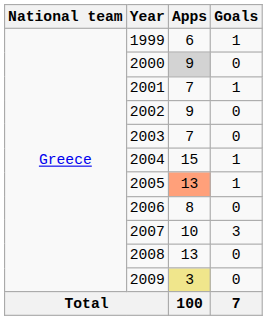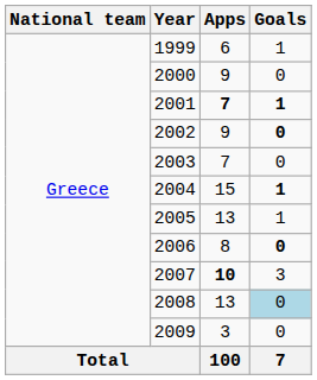 <table class="wikitable" style="text-align:center">
 <tr>
 <th>National team</th>
 <th>Year</th>
 <th>Apps</th>
 <th>Goals</th>
 </tr>
 <tr>
 <td rowspan="11"><a href='#'>Greece</a></td>
 <td>1999</td>
 <td>6</td>
 <td>1</td>
 </tr>
 <tr>
 <td>2000</td>
-<td style="background: lightgrey;">9</td>
+<td>9</td>
 <td>0</td>
 </tr>
 <tr>
 <td>2001</td>
-<td>7</td>
-<td>1</td>
+<td><strong>7</strong></td>
+<td><strong>1</strong></td>
 </tr>
 <tr>
 <td>2002</td>
 <td>9</td>
-<td>0</td>
+<td><strong>0</strong></td>
 </tr>
 <tr>
 <td>2003</td>
 <td>7</td>
 <td>0</td>
 </tr>
 <tr>
 <td>2004</td>
 <td>15</td>
-<td>1</td>
+<td><strong>1</strong></td>
 </tr>
 <tr>
 <td>2005</td>
-<td style="background: lightsalmon;">13</td>
+<td>13</td>
 <td>1</td>
 </tr>
 <tr>
 <td>2006</td>
 <td>8</td>
-<td>0</td>
+<td><strong>0</strong></td>
 </tr>
 <tr>
 <td>2007</td>
-<td>10</td>
+<td><strong>10</strong></td>
 <td>3</td>
 </tr>
 <tr>
 <td>2008</td>
 <td>13</td>
-<td>0</td>
+<td style="background: lightblue;">0</td>
 </tr>
 <tr>
 <td>2009</td>
-<td style="background: khaki;">3</td>
+<td>3</td>
 <td>0</td>
 </tr>
 <tr>
 <th colspan="2">Total</th>
 <th>100</th>
 <th>7</th>
 </tr>
 </table>
